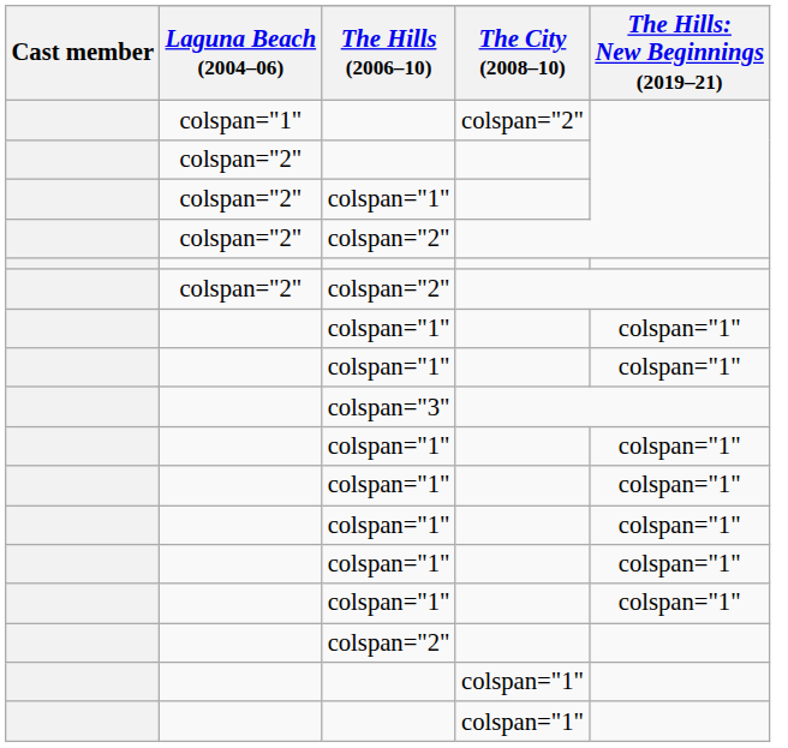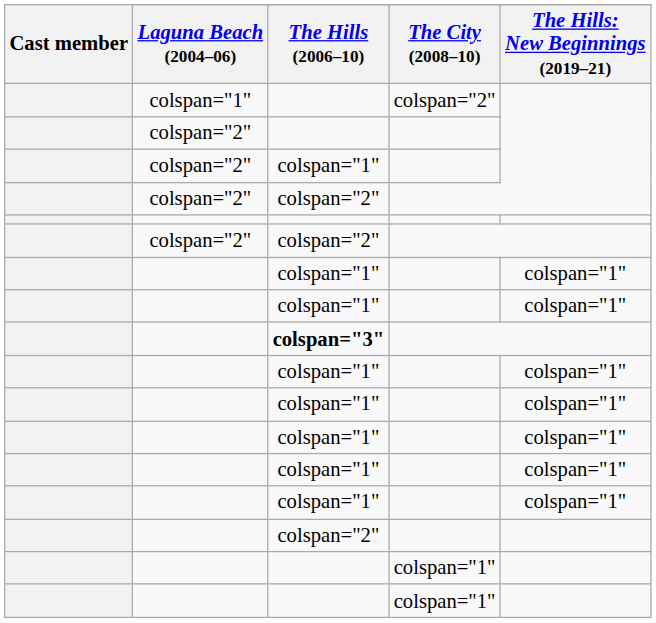 <table class="wikitable sortable" style="text-align:center">
 <tr>
 <th rowspan="2">Cast member</th>
 </tr>
 <tr>
 <th><em><a href='#'>Laguna Beach</a></em><br><small>(2004–06)</small></th>
 <th><em><a href='#'>The Hills</a></em> <br><small>(2006–10)</small></th>
 <th><em><a href='#'>The City</a></em> <br><small>(2008–10)</small></th>
 <th><em><a href='#'>The Hills:<br>New Beginnings</a></em> <br><small>(2019–21)</small></th>
 </tr>
 <tr>
 <th scope="row"></th>
 <td>colspan="1" </td>
 <td></td>
 <td>colspan="2"  </td>
 </tr>
 <tr>
 <th scope="row"></th>
 <td>colspan="2" </td>
 <td></td>
 <td></td>
 </tr>
 <tr>
 <th scope="row"></th>
 <td>colspan="2" </td>
 <td>colspan="1"  </td>
 <td></td>
 </tr>
 <tr>
 <th scope="row"></th>
 <td>colspan="2" </td>
 <td>colspan="2"  </td>
 </tr>
 <tr>
 <th scope="row"></th>
 <td></td>
 <td></td>
 <td></td>
 <td></td>
 </tr>
 <tr>
 <th scope="row"></th>
 <td>colspan="2" </td>
 <td>colspan="2"  </td>
 </tr>
 <tr>
 <th scope="row"></th>
 <td></td>
 <td>colspan="1" </td>
 <td></td>
 <td>colspan="1" </td>
 </tr>
 <tr>
 <th scope="row"></th>
 <td></td>
 <td>colspan="1" </td>
 <td></td>
 <td>colspan="1" </td>
 </tr>
 <tr>
 <th scope="row"></th>
 <td></td>
-<td>colspan="3" </td>
+<td><strong>colspan="3" </strong></td>
 </tr>
 <tr>
 <th scope="row"></th>
 <td></td>
 <td>colspan="1" </td>
 <td></td>
 <td>colspan="1" </td>
 </tr>
 <tr>
 <th scope="row"></th>
 <td></td>
 <td>colspan="1" </td>
 <td></td>
 <td>colspan="1" </td>
 </tr>
 <tr>
 <th scope="row"></th>
 <td></td>
 <td>colspan="1" </td>
 <td></td>
 <td>colspan="1" </td>
 </tr>
 <tr>
 <th scope="row"></th>
 <td></td>
 <td>colspan="1" </td>
 <td></td>
 <td>colspan="1" </td>
 </tr>
 <tr>
 <th scope="row"></th>
 <td></td>
 <td>colspan="1" </td>
 <td></td>
 <td>colspan="1" </td>
 </tr>
 <tr>
 <th scope="row"></th>
 <td></td>
 <td>colspan="2" </td>
 <td></td>
 </tr>
 <tr>
 <th scope="row"></th>
 <td></td>
 <td></td>
 <td>colspan="1" </td>
 <td></td>
 </tr>
 <tr>
 <th scope="row"></th>
 <td></td>
 <td></td>
 <td>colspan="1" </td>
 <td></td>
 </tr>
 </table>
